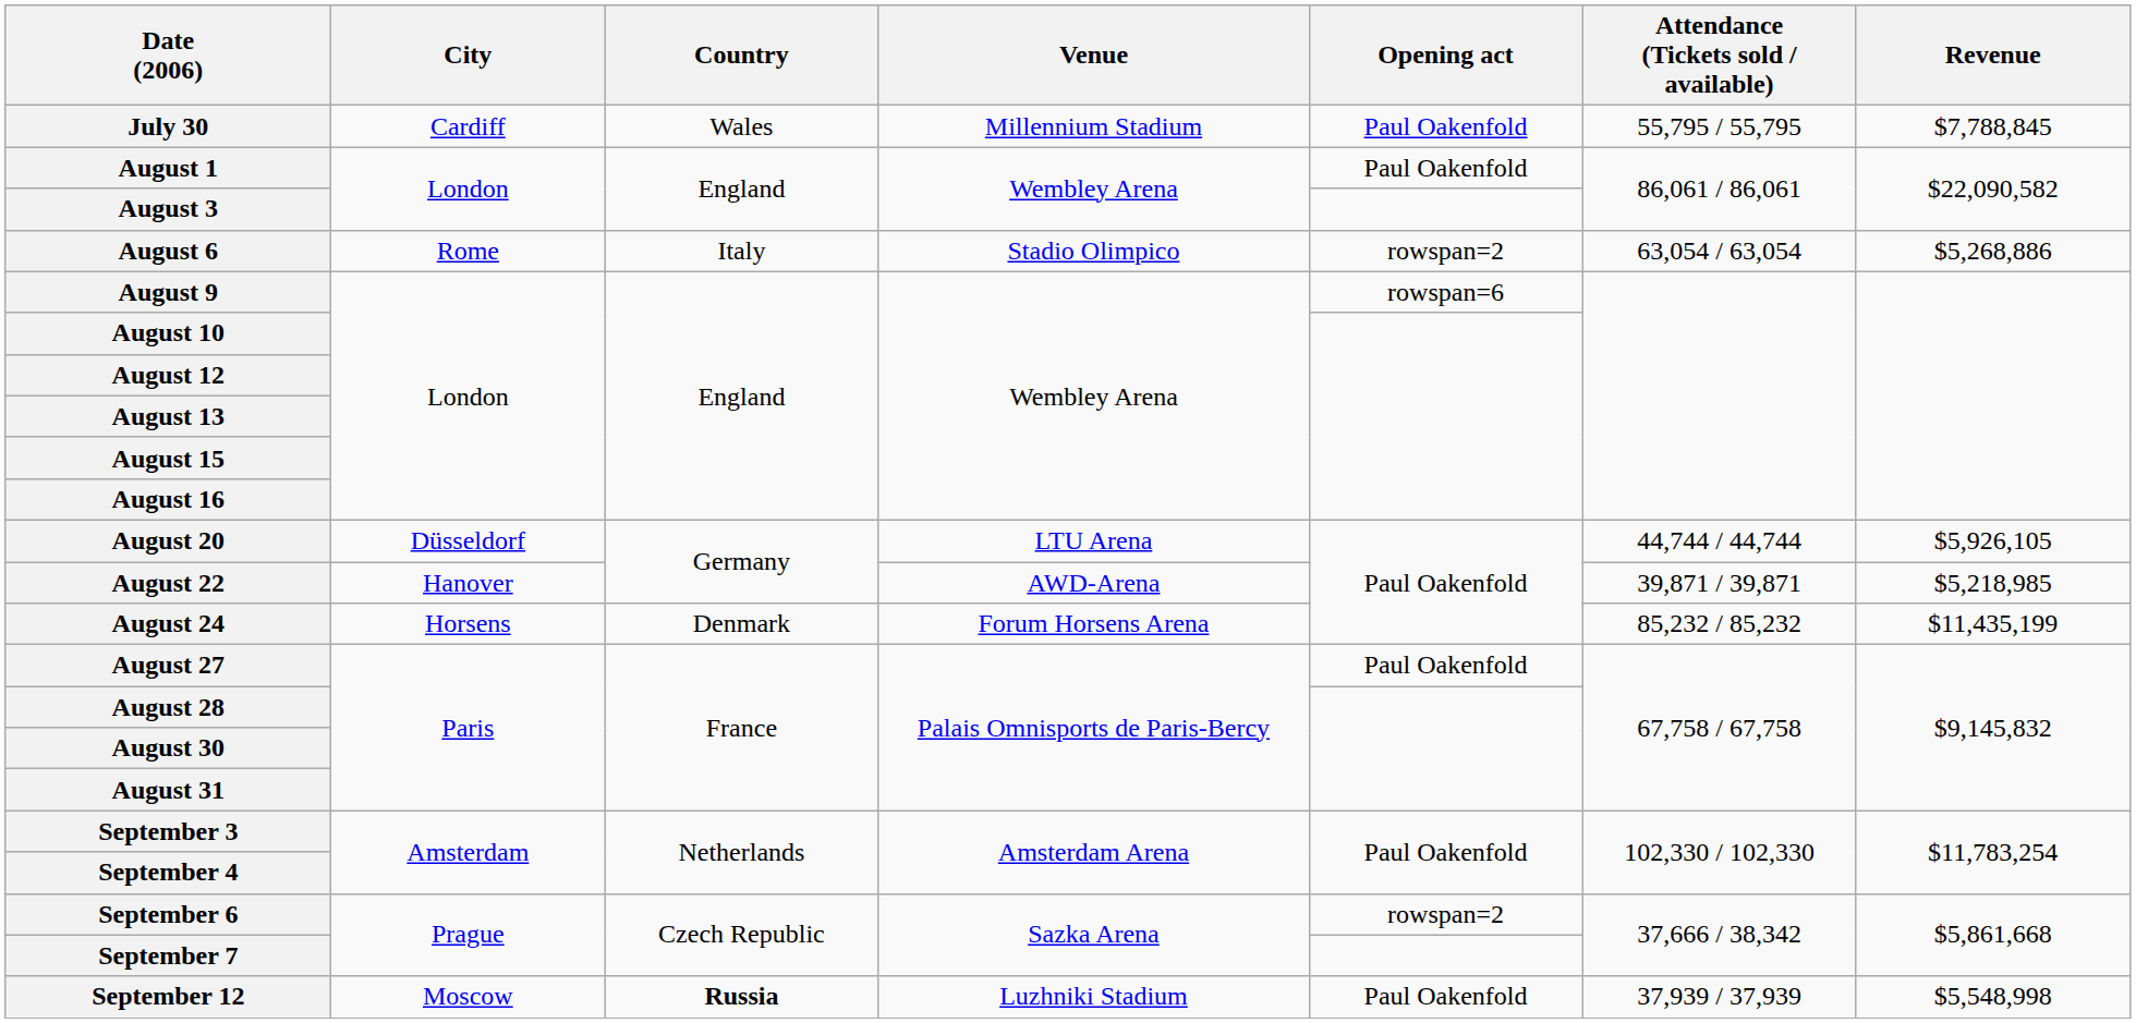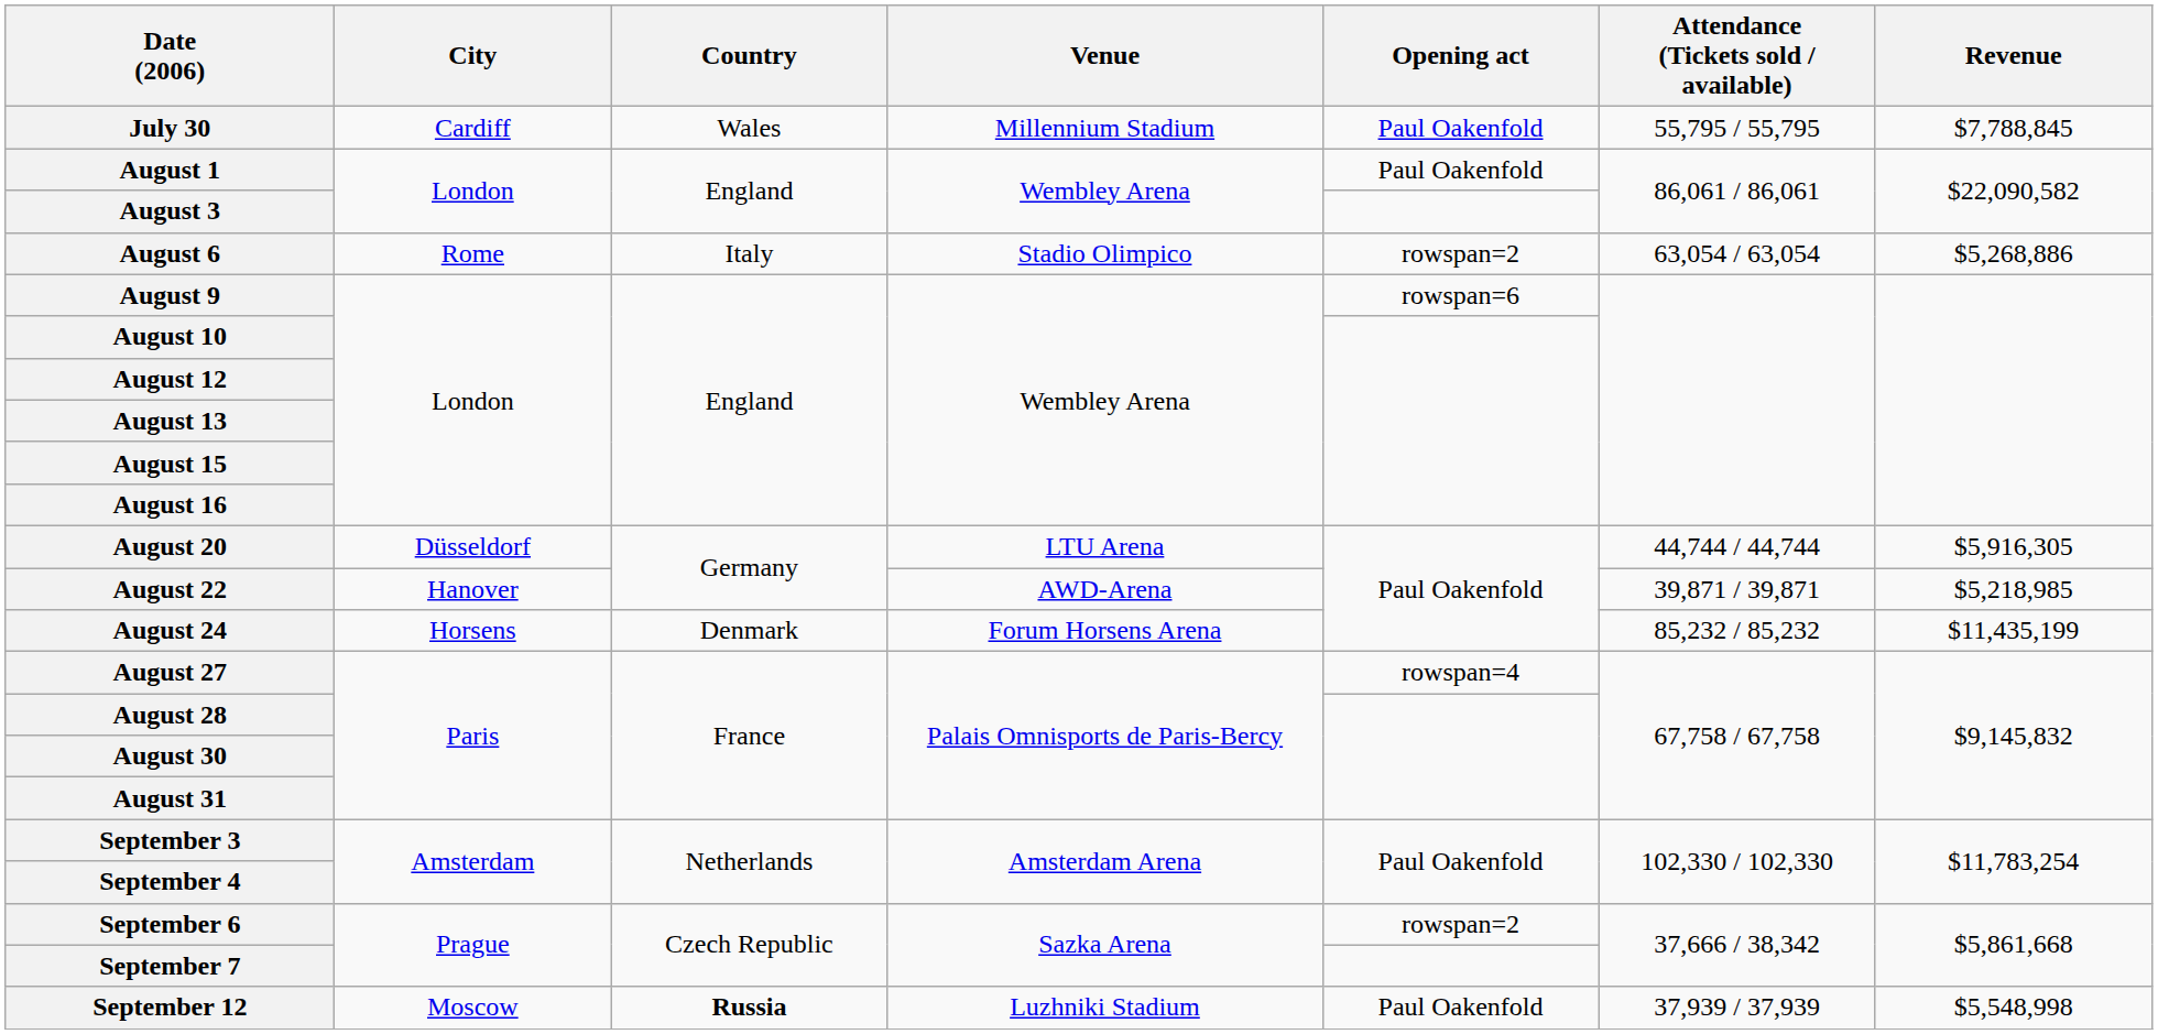 <table class="wikitable plainrowheaders" style="text-align:center;">
 <tr>
 <th scope="col" style="width:12em;">Date<br>(2006)</th>
 <th scope="col" style="width:10em;">City</th>
 <th scope="col" style="width:10em;">Country</th>
 <th scope="col" style="width:16em;">Venue</th>
 <th scope="col" style="width:10em;">Opening act</th>
 <th scope="col" style="width:10em;">Attendance <br>(Tickets sold / available)</th>
 <th scope="col" style="width:10em;">Revenue</th>
 </tr>
 <tr>
 <th scope="row" style="text-align:center;">July 30</th>
 <td><a href='#'>Cardiff</a></td>
 <td>Wales</td>
 <td><a href='#'>Millennium Stadium</a></td>
 <td><a href='#'>Paul Oakenfold</a></td>
 <td>55,795 / 55,795</td>
 <td>$7,788,845</td>
 </tr>
 <tr>
 <th scope="row" style="text-align:center;">August 1</th>
 <td rowspan=2><a href='#'>London</a></td>
 <td rowspan=2>England</td>
 <td rowspan=2><a href='#'>Wembley Arena</a></td>
 <td>Paul Oakenfold</td>
 <td rowspan=2>86,061 / 86,061</td>
 <td rowspan=2>$22,090,582</td>
 </tr>
 <tr>
 <th scope="row" style="text-align:center;">August 3</th>
 </tr>
 <tr>
 <th scope="row" style="text-align:center;">August 6</th>
 <td><a href='#'>Rome</a></td>
 <td>Italy</td>
 <td><a href='#'>Stadio Olimpico</a></td>
 <td>rowspan=2 </td>
 <td>63,054 / 63,054</td>
 <td>$5,268,886</td>
 </tr>
 <tr>
 <th scope="row" style="text-align:center;">August 9</th>
 <td rowspan=6>London</td>
 <td rowspan=6>England</td>
 <td rowspan=6>Wembley Arena</td>
 <td>rowspan=6 </td>
 <td rowspan=6></td>
 <td rowspan=6></td>
 </tr>
 <tr>
 <th scope="row" style="text-align:center;">August 10</th>
 </tr>
 <tr>
 <th scope="row" style="text-align:center;">August 12</th>
 </tr>
 <tr>
 <th scope="row" style="text-align:center;">August 13</th>
 </tr>
 <tr>
 <th scope="row" style="text-align:center;">August 15</th>
 </tr>
 <tr>
 <th scope="row" style="text-align:center;">August 16</th>
 </tr>
 <tr>
 <th scope="row" style="text-align:center;">August 20</th>
 <td><a href='#'>Düsseldorf</a></td>
 <td rowspan=2>Germany</td>
 <td><a href='#'>LTU Arena</a></td>
 <td rowspan=3>Paul Oakenfold</td>
 <td>44,744 / 44,744</td>
-<td>$5,926,105</td>
+<td>$5,916,305</td>
 </tr>
 <tr>
 <th scope="row" style="text-align:center;">August 22</th>
 <td><a href='#'>Hanover</a></td>
 <td><a href='#'>AWD-Arena</a></td>
 <td>39,871 / 39,871</td>
 <td>$5,218,985</td>
 </tr>
 <tr>
 <th scope="row" style="text-align:center;">August 24</th>
 <td><a href='#'>Horsens</a></td>
 <td>Denmark</td>
 <td><a href='#'>Forum Horsens Arena</a></td>
 <td>85,232 / 85,232</td>
 <td>$11,435,199</td>
 </tr>
 <tr>
 <th scope="row" style="text-align:center;">August 27</th>
 <td rowspan=4><a href='#'>Paris</a></td>
 <td rowspan=4>France</td>
 <td rowspan=4><a href='#'>Palais Omnisports de Paris-Bercy</a></td>
-<td>Paul Oakenfold</td>
+<td>rowspan=4 </td>
 <td rowspan=4>67,758 / 67,758</td>
 <td rowspan=4>$9,145,832</td>
 </tr>
 <tr>
 <th scope="row" style="text-align:center;">August 28</th>
 </tr>
 <tr>
 <th scope="row" style="text-align:center;">August 30</th>
 </tr>
 <tr>
 <th scope="row" style="text-align:center;">August 31</th>
 </tr>
 <tr>
 <th scope="row" style="text-align:center;">September 3</th>
 <td rowspan=2><a href='#'>Amsterdam</a></td>
 <td rowspan=2>Netherlands</td>
 <td rowspan=2><a href='#'>Amsterdam Arena</a></td>
 <td rowspan=2>Paul Oakenfold</td>
 <td rowspan=2>102,330 / 102,330</td>
 <td rowspan=2>$11,783,254</td>
 </tr>
 <tr>
 <th scope="row" style="text-align:center;">September 4</th>
 </tr>
 <tr>
 <th scope="row" style="text-align:center;">September 6</th>
 <td rowspan=2><a href='#'>Prague</a></td>
 <td rowspan=2>Czech Republic</td>
 <td rowspan=2><a href='#'>Sazka Arena</a></td>
 <td>rowspan=2 </td>
 <td rowspan=2>37,666 / 38,342</td>
 <td rowspan=2>$5,861,668</td>
 </tr>
 <tr>
 <th scope="row" style="text-align:center;">September 7</th>
 </tr>
 <tr>
 <th scope="row" style="text-align:center;">September 12</th>
 <td><a href='#'>Moscow</a></td>
 <td><strong>Russia</strong></td>
 <td><a href='#'>Luzhniki Stadium</a></td>
 <td>Paul Oakenfold</td>
 <td>37,939 / 37,939</td>
 <td>$5,548,998</td>
 </tr>
 <tr>
 </tr>
 </table>
